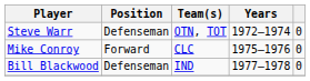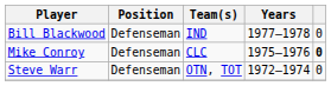 <table class="wikitable">
 <tr>
 <th>Player</th>
 <th>Position</th>
 <th>Team(s)</th>
 <th>Years</th>
 <th><a href='#'></a></th>
 </tr>
 <tr>
+<td><a href='#'>Bill Blackwood</a></td>
+<td>Defenseman</td>
+<td><a href='#'>IND</a></td>
+<td>1977–1978</td>
+<td>0</td>
+</tr>
+<tr>
+<td><a href='#'>Mike Conroy</a></td>
+<td>Defenseman</td>
+<td><a href='#'>CLC</a></td>
+<td>1975–1976</td>
+<td><strong>0</strong></td>
+</tr>
+<tr>
 <td><a href='#'>Steve Warr</a></td>
 <td>Defenseman</td>
 <td><a href='#'>OTN</a>, <a href='#'>TOT</a></td>
 <td>1972–1974</td>
 <td>0</td>
 </tr>
 <tr>
-<td><a href='#'>Mike Conroy</a></td>
-<td>Forward</td>
-<td><a href='#'>CLC</a></td>
-<td>1975–1976</td>
-<td>0</td>
-</tr>
-<tr>
-<td><a href='#'>Bill Blackwood</a></td>
-<td>Defenseman</td>
-<td><a href='#'>IND</a></td>
-<td>1977–1978</td>
-<td>0</td>
-</tr>
-<tr>
 </tr>
 </table>
